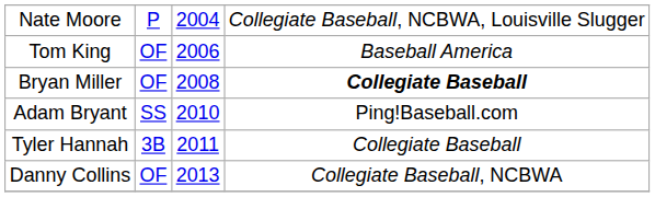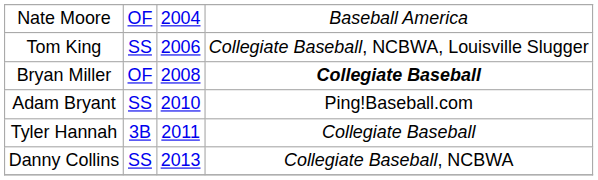 <table class="wikitable" style="background:white;">
 <tr>
 </tr>
 <tr style="text-align:center;">
 <td>Nate Moore</td>
-<td><a href='#'>P</a></td>
+<td><a href='#'>OF</a></td>
 <td><a href='#'>2004</a></td>
-<td><em>Collegiate Baseball</em>, NCBWA, Louisville Slugger</td>
+<td><em>Baseball America</em></td>
 </tr>
 <tr style="text-align:center;">
 <td>Tom King</td>
-<td><a href='#'>OF</a></td>
+<td><a href='#'>SS</a></td>
 <td><a href='#'>2006</a></td>
-<td><em>Baseball America</em></td>
+<td><em>Collegiate Baseball</em>, NCBWA, Louisville Slugger</td>
 </tr>
 <tr style="text-align:center;">
 <td>Bryan Miller</td>
 <td><a href='#'>OF</a></td>
 <td><a href='#'>2008</a></td>
 <td><strong><em>Collegiate Baseball</em></strong></td>
 </tr>
 <tr style="text-align:center;">
 <td>Adam Bryant</td>
 <td><a href='#'>SS</a></td>
 <td><a href='#'>2010</a></td>
 <td>Ping!Baseball.com</td>
 </tr>
 <tr style="text-align:center;">
 <td>Tyler Hannah</td>
 <td><a href='#'>3B</a></td>
 <td><a href='#'>2011</a></td>
 <td><em>Collegiate Baseball</em></td>
 </tr>
 <tr style="text-align:center;">
 <td>Danny Collins</td>
-<td><a href='#'>OF</a></td>
+<td><a href='#'>SS</a></td>
 <td><a href='#'>2013</a></td>
 <td><em>Collegiate Baseball</em>, NCBWA</td>
 </tr>
 <tr style="text-align:center;">
 </tr>
 </table>
